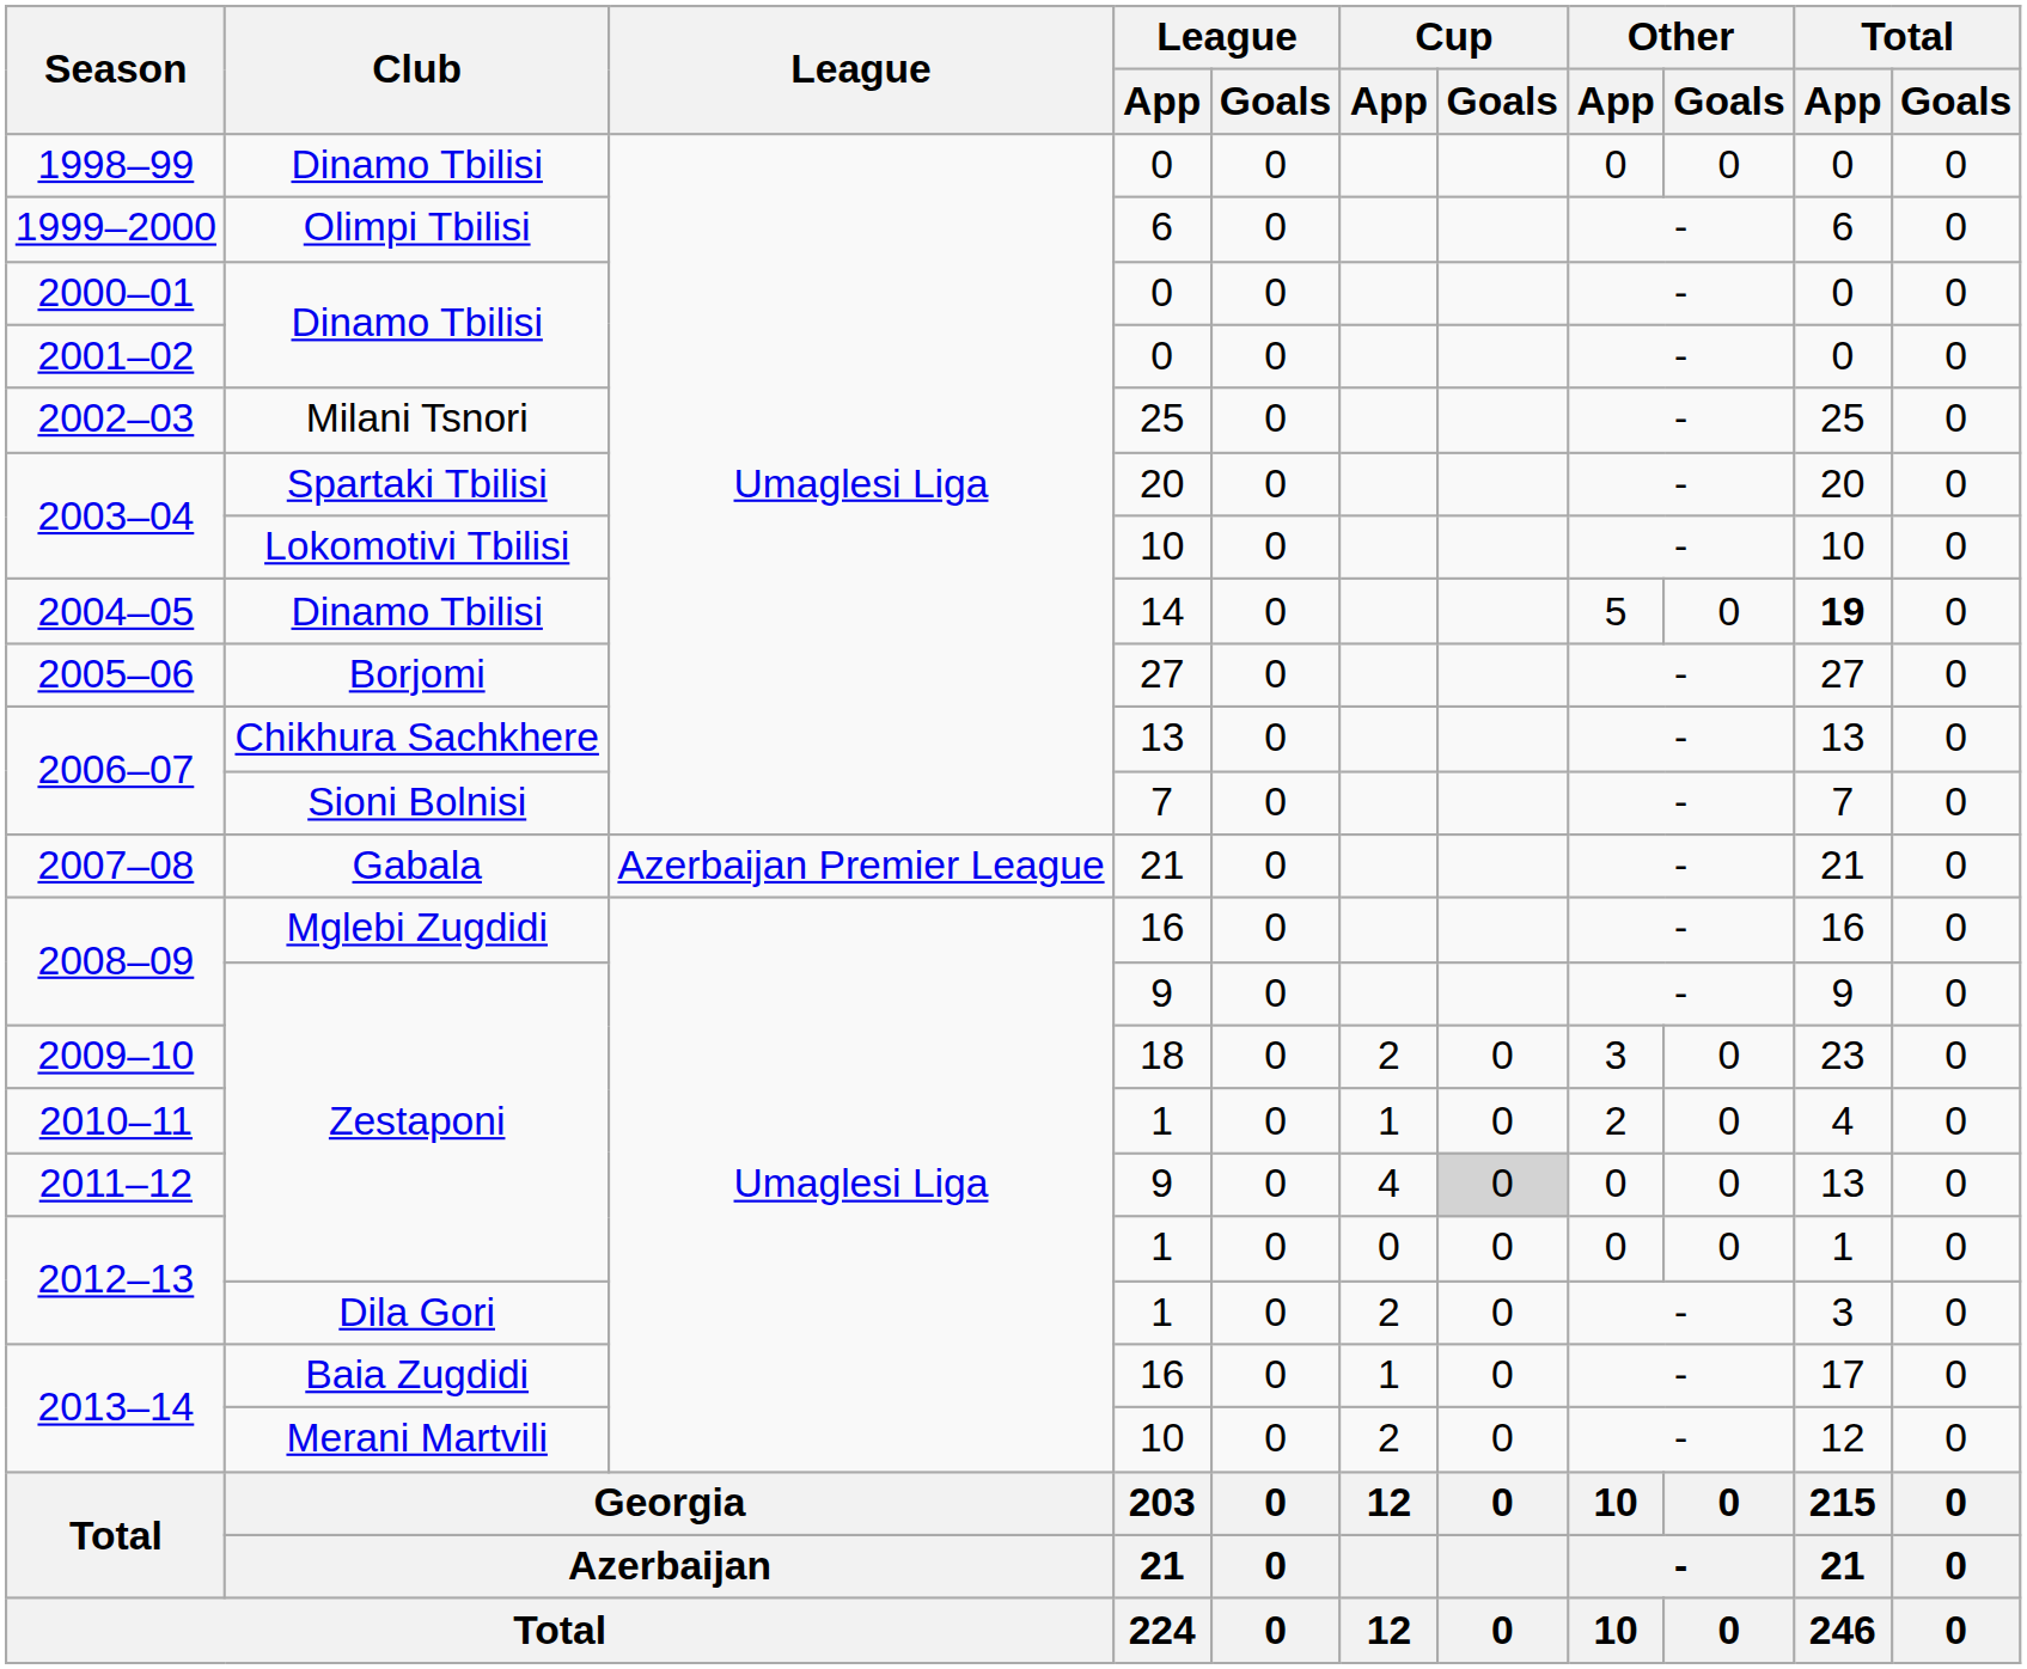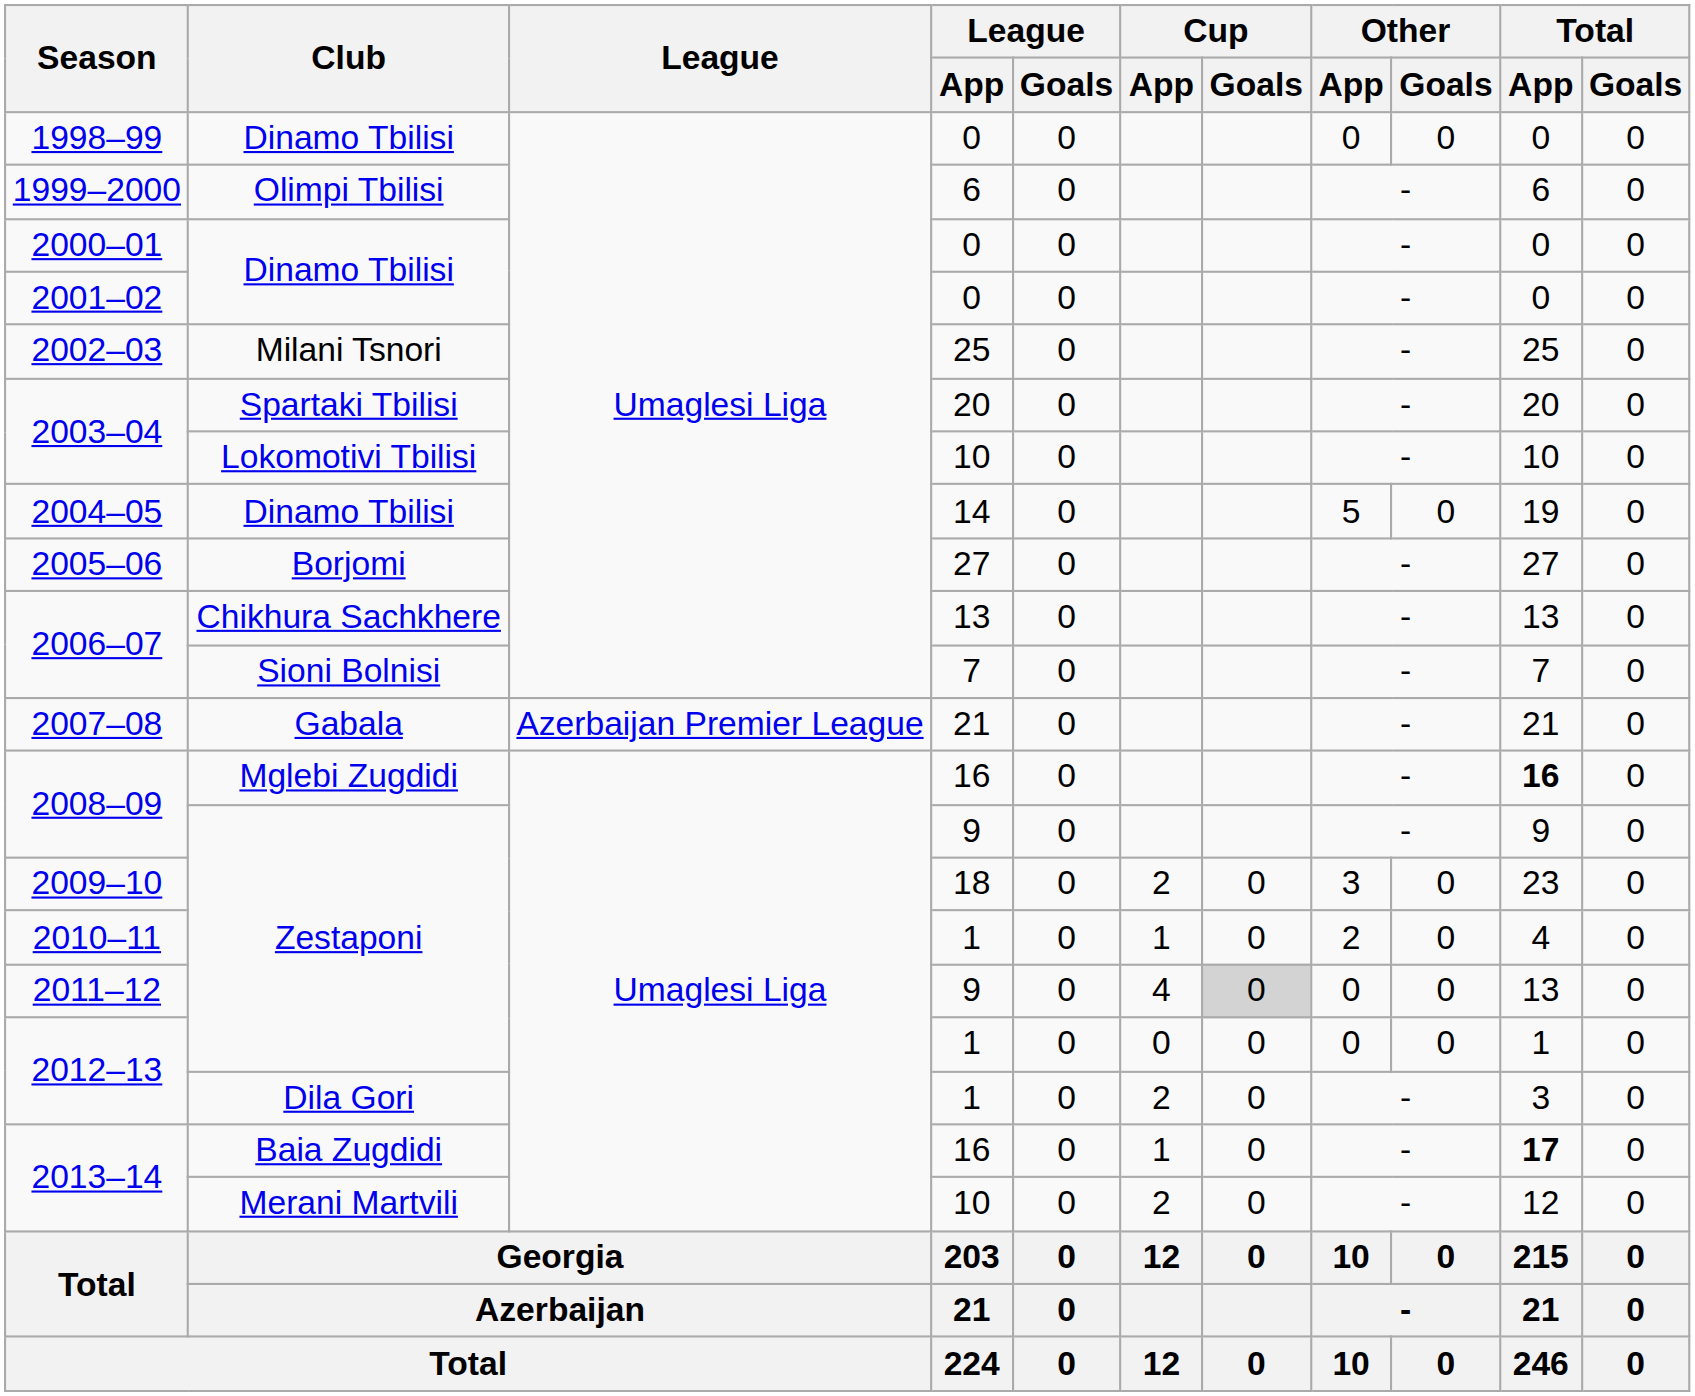 <table class="wikitable">
 <tr>
 <th rowspan=2>Season</th>
 <th ! rowspan=2>Club</th>
 <th ! rowspan=2>League</th>
 <th ! colspan=2>League</th>
 <th ! colspan=2>Cup</th>
 <th ! colspan=2>Other</th>
 <th colspan=3>Total</th>
 </tr>
 <tr>
 <th>App</th>
 <th>Goals</th>
 <th>App</th>
 <th>Goals</th>
 <th>App</th>
 <th>Goals</th>
 <th>App</th>
 <th>Goals</th>
 </tr>
 <tr align=center>
 <td><a href='#'>1998–99</a></td>
 <td><a href='#'>Dinamo Tbilisi</a></td>
 <td rowspan="11"><a href='#'>Umaglesi Liga</a></td>
 <td>0</td>
 <td>0</td>
 <td></td>
 <td></td>
 <td>0</td>
 <td>0</td>
 <td>0</td>
 <td>0</td>
 </tr>
 <tr align=center>
 <td><a href='#'>1999–2000</a></td>
 <td><a href='#'>Olimpi Tbilisi</a></td>
 <td>6</td>
 <td>0</td>
 <td></td>
 <td></td>
 <td colspan="2">-</td>
 <td>6</td>
 <td>0</td>
 </tr>
 <tr align=center>
 <td><a href='#'>2000–01</a></td>
 <td rowspan="2"><a href='#'>Dinamo Tbilisi</a></td>
 <td>0</td>
 <td>0</td>
 <td></td>
 <td></td>
 <td colspan="2">-</td>
 <td>0</td>
 <td>0</td>
 </tr>
 <tr align=center>
 <td><a href='#'>2001–02</a></td>
 <td>0</td>
 <td>0</td>
 <td></td>
 <td></td>
 <td colspan="2">-</td>
 <td>0</td>
 <td>0</td>
 </tr>
 <tr align=center>
 <td><a href='#'>2002–03</a></td>
 <td>Milani Tsnori</td>
 <td>25</td>
 <td>0</td>
 <td></td>
 <td></td>
 <td colspan="2">-</td>
 <td>25</td>
 <td>0</td>
 </tr>
 <tr align=center>
 <td rowspan="2"><a href='#'>2003–04</a></td>
 <td><a href='#'>Spartaki Tbilisi</a></td>
 <td>20</td>
 <td>0</td>
 <td></td>
 <td></td>
 <td colspan="2">-</td>
 <td>20</td>
 <td>0</td>
 </tr>
 <tr align=center>
 <td><a href='#'>Lokomotivi Tbilisi</a></td>
 <td>10</td>
 <td>0</td>
 <td></td>
 <td></td>
 <td colspan="2">-</td>
 <td>10</td>
 <td>0</td>
 </tr>
 <tr align=center>
 <td><a href='#'>2004–05</a></td>
 <td><a href='#'>Dinamo Tbilisi</a></td>
 <td>14</td>
 <td>0</td>
 <td></td>
 <td></td>
 <td>5</td>
 <td>0</td>
-<td><strong>19</strong></td>
+<td>19</td>
 <td>0</td>
 </tr>
 <tr align=center>
 <td><a href='#'>2005–06</a></td>
 <td><a href='#'>Borjomi</a></td>
 <td>27</td>
 <td>0</td>
 <td></td>
 <td></td>
 <td colspan="2">-</td>
 <td>27</td>
 <td>0</td>
 </tr>
 <tr align=center>
 <td rowspan="2"><a href='#'>2006–07</a></td>
 <td><a href='#'>Chikhura Sachkhere</a></td>
 <td>13</td>
 <td>0</td>
 <td></td>
 <td></td>
 <td colspan="2">-</td>
 <td>13</td>
 <td>0</td>
 </tr>
 <tr align=center>
 <td><a href='#'>Sioni Bolnisi</a></td>
 <td>7</td>
 <td>0</td>
 <td></td>
 <td></td>
 <td colspan="2">-</td>
 <td>7</td>
 <td>0</td>
 </tr>
 <tr align=center>
 <td><a href='#'>2007–08</a></td>
 <td><a href='#'>Gabala</a></td>
 <td><a href='#'>Azerbaijan Premier League</a></td>
 <td>21</td>
 <td>0</td>
 <td></td>
 <td></td>
 <td colspan="2">-</td>
 <td>21</td>
 <td>0</td>
 </tr>
 <tr align=center>
 <td rowspan="2"><a href='#'>2008–09</a></td>
 <td><a href='#'>Mglebi Zugdidi</a></td>
 <td rowspan="9"><a href='#'>Umaglesi Liga</a></td>
 <td>16</td>
 <td>0</td>
 <td></td>
 <td></td>
 <td colspan="2">-</td>
-<td>16</td>
+<td><strong>16</strong></td>
 <td>0</td>
 </tr>
 <tr align=center>
 <td rowspan="5"><a href='#'>Zestaponi</a></td>
 <td>9</td>
 <td>0</td>
 <td></td>
 <td></td>
 <td colspan="2">-</td>
 <td>9</td>
 <td>0</td>
 </tr>
 <tr align=center>
 <td><a href='#'>2009–10</a></td>
 <td>18</td>
 <td>0</td>
 <td>2</td>
 <td>0</td>
 <td>3</td>
 <td>0</td>
 <td>23</td>
 <td>0</td>
 </tr>
 <tr align=center>
 <td><a href='#'>2010–11</a></td>
 <td>1</td>
 <td>0</td>
 <td>1</td>
 <td>0</td>
 <td>2</td>
 <td>0</td>
 <td>4</td>
 <td>0</td>
 </tr>
 <tr align=center>
 <td><a href='#'>2011–12</a></td>
 <td>9</td>
 <td>0</td>
 <td>4</td>
 <td style="background: lightgrey;">0</td>
 <td>0</td>
 <td>0</td>
 <td>13</td>
 <td>0</td>
 </tr>
 <tr align=center>
 <td rowspan="2"><a href='#'>2012–13</a></td>
 <td>1</td>
 <td>0</td>
 <td>0</td>
 <td>0</td>
 <td>0</td>
 <td>0</td>
 <td>1</td>
 <td>0</td>
 </tr>
 <tr align=center>
 <td><a href='#'>Dila Gori</a></td>
 <td>1</td>
 <td>0</td>
 <td>2</td>
 <td>0</td>
 <td colspan="2">-</td>
 <td>3</td>
 <td>0</td>
 </tr>
 <tr align=center>
 <td rowspan="2"><a href='#'>2013–14</a></td>
 <td><a href='#'>Baia Zugdidi</a></td>
 <td>16</td>
 <td>0</td>
 <td>1</td>
 <td>0</td>
 <td colspan="2">-</td>
-<td>17</td>
+<td><strong>17</strong></td>
 <td>0</td>
 </tr>
 <tr align=center>
 <td><a href='#'>Merani Martvili</a></td>
 <td>10</td>
 <td>0</td>
 <td>2</td>
 <td>0</td>
 <td colspan="2">-</td>
 <td>12</td>
 <td>0</td>
 </tr>
 <tr>
 <th rowspan=2>Total</th>
 <th colspan=2>Georgia</th>
 <th>203</th>
 <th>0</th>
 <th>12</th>
 <th>0</th>
 <th>10</th>
 <th>0</th>
 <th>215</th>
 <th>0</th>
 </tr>
 <tr>
 <th colspan=2>Azerbaijan</th>
 <th>21</th>
 <th>0</th>
 <th></th>
 <th></th>
 <th colspan="2">-</th>
 <th>21</th>
 <th>0</th>
 </tr>
 <tr align=center>
 <th colspan="3">Total</th>
 <th>224</th>
 <th>0</th>
 <th>12</th>
 <th>0</th>
 <th>10</th>
 <th>0</th>
 <th>246</th>
 <th>0</th>
 </tr>
 </table>
